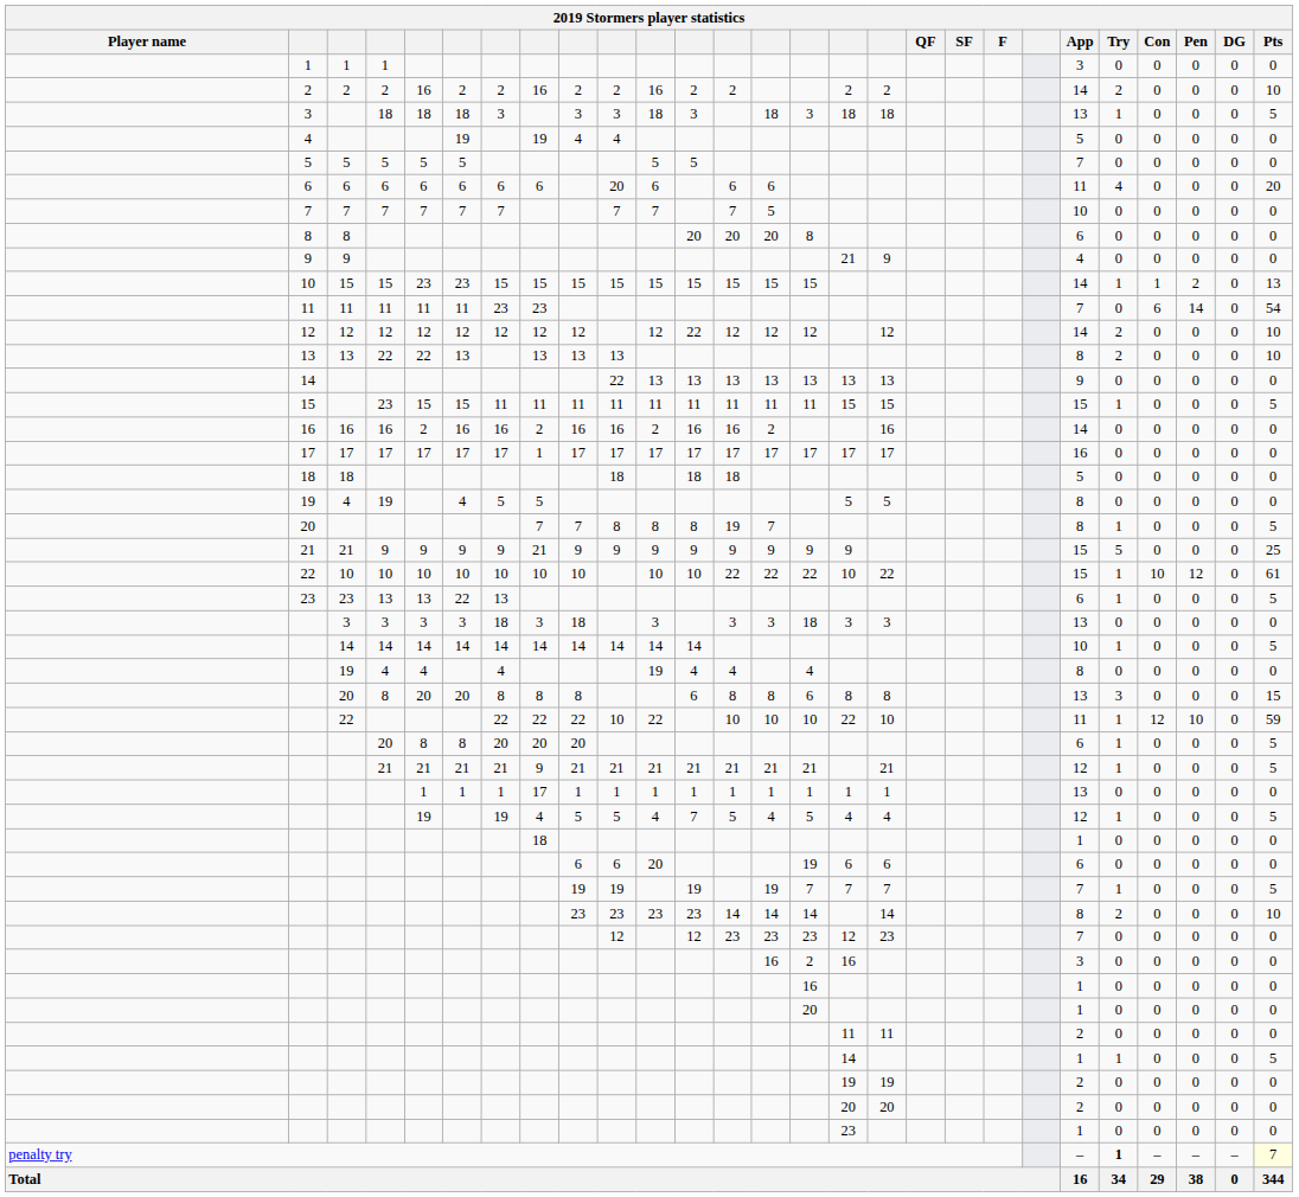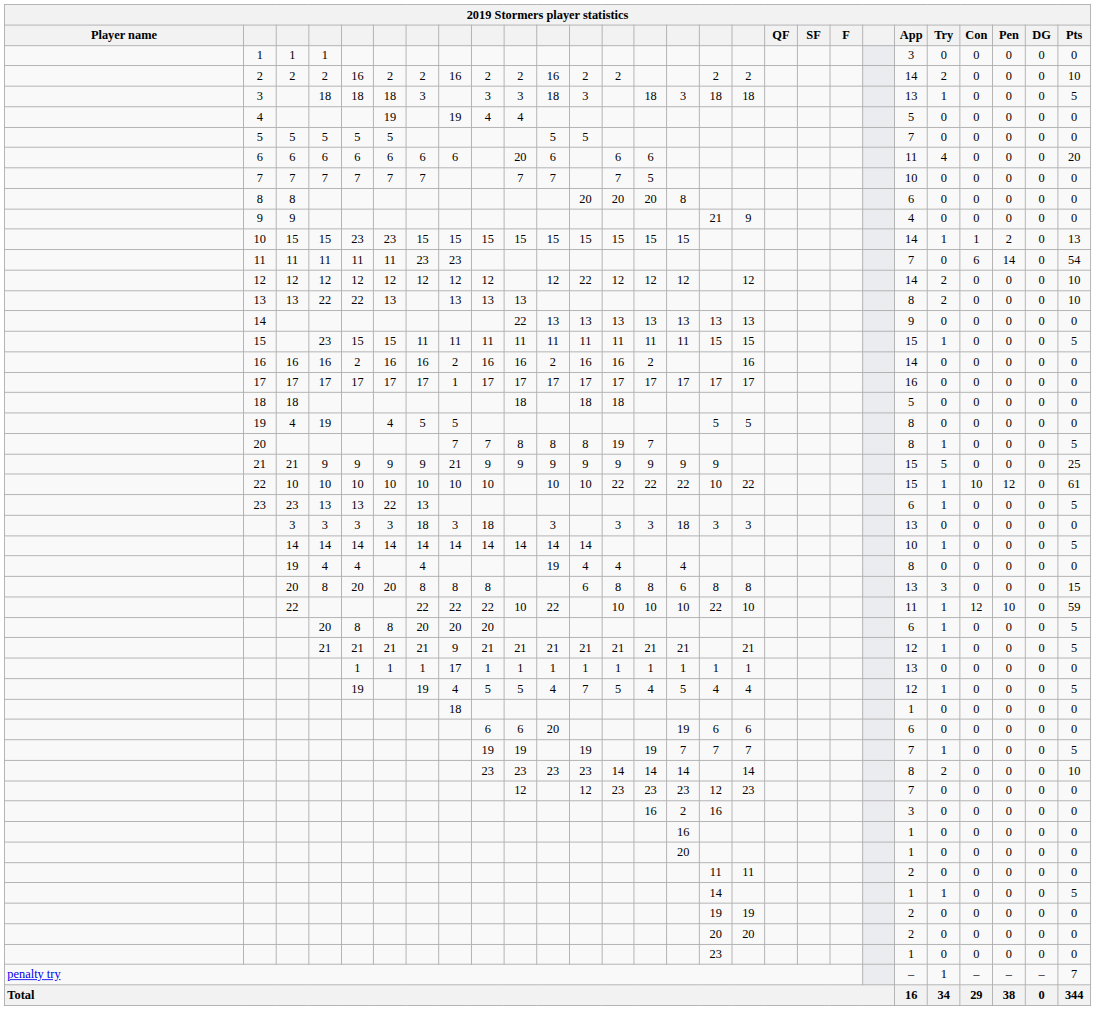 <table class="wikitable sortable" style="text-align:center; font-size:90%; width:100%">
 <tr>
 <th colspan="100%">2019 Stormers player statistics</th>
 </tr>
 <tr>
 <th style="width:22%;">Player name</th>
 <th style="width:3%;"></th>
 <th style="width:3%;"></th>
 <th style="width:3%;"></th>
 <th style="width:3%;"></th>
 <th style="width:3%;"></th>
 <th style="width:3%;"></th>
 <th style="width:3%;"></th>
 <th style="width:3%;"></th>
 <th style="width:3%;"></th>
 <th style="width:3%;"></th>
 <th style="width:3%;"></th>
 <th style="width:3%;"></th>
 <th style="width:3%;"></th>
 <th style="width:3%;"></th>
 <th style="width:3%;"></th>
 <th style="width:3%;"></th>
 <th style="width:3%;">QF</th>
 <th style="width:3%;">SF</th>
 <th style="width:3%;">F</th>
 <th style="width:3%;"></th>
 <th style="width:3%;">App</th>
 <th style="width:3%;">Try</th>
 <th style="width:3%;">Con</th>
 <th style="width:3%;">Pen</th>
 <th style="width:3%;">DG</th>
 <th style="width:3%;">Pts</th>
 </tr>
 <tr>
 <td style="text-align:left;"></td>
 <td>1</td>
 <td>1</td>
 <td>1</td>
 <td></td>
 <td></td>
 <td></td>
 <td></td>
 <td></td>
 <td></td>
 <td></td>
 <td></td>
 <td></td>
 <td></td>
 <td></td>
 <td></td>
 <td></td>
 <td></td>
 <td></td>
 <td></td>
 <td style="background:#EBECF0;"></td>
 <td>3</td>
 <td>0</td>
 <td>0</td>
 <td>0</td>
 <td>0</td>
 <td>0</td>
 </tr>
 <tr>
 <td style="text-align:left;"></td>
 <td>2</td>
 <td>2</td>
 <td>2</td>
 <td>16 </td>
 <td>2</td>
 <td>2</td>
 <td>16 </td>
 <td>2</td>
 <td>2</td>
 <td>16 </td>
 <td>2</td>
 <td>2</td>
 <td></td>
 <td></td>
 <td>2</td>
 <td>2</td>
 <td></td>
 <td></td>
 <td></td>
 <td style="background:#EBECF0;"></td>
 <td>14</td>
 <td>2</td>
 <td>0</td>
 <td>0</td>
 <td>0</td>
 <td>10</td>
 </tr>
 <tr>
 <td style="text-align:left;"></td>
 <td>3</td>
 <td></td>
 <td>18 </td>
 <td>18 </td>
 <td>18 </td>
 <td>3</td>
 <td></td>
 <td>3</td>
 <td>3</td>
 <td>18 </td>
 <td>3</td>
 <td></td>
 <td>18 </td>
 <td>3</td>
 <td>18 </td>
 <td>18 </td>
 <td></td>
 <td></td>
 <td></td>
 <td style="background:#EBECF0;"></td>
 <td>13</td>
 <td>1</td>
 <td>0</td>
 <td>0</td>
 <td>0</td>
 <td>5</td>
 </tr>
 <tr>
 <td style="text-align:left;"></td>
 <td>4</td>
 <td></td>
 <td></td>
 <td></td>
 <td>19 </td>
 <td></td>
 <td>19 </td>
 <td>4</td>
 <td>4</td>
 <td></td>
 <td></td>
 <td></td>
 <td></td>
 <td></td>
 <td></td>
 <td></td>
 <td></td>
 <td></td>
 <td></td>
 <td style="background:#EBECF0;"></td>
 <td>5</td>
 <td>0</td>
 <td>0</td>
 <td>0</td>
 <td>0</td>
 <td>0</td>
 </tr>
 <tr>
 <td style="text-align:left;"></td>
 <td>5</td>
 <td>5</td>
 <td>5</td>
 <td>5</td>
 <td>5</td>
 <td></td>
 <td></td>
 <td></td>
 <td></td>
 <td>5</td>
 <td>5</td>
 <td></td>
 <td></td>
 <td></td>
 <td></td>
 <td></td>
 <td></td>
 <td></td>
 <td></td>
 <td style="background:#EBECF0;"></td>
 <td>7</td>
 <td>0</td>
 <td>0</td>
 <td>0</td>
 <td>0</td>
 <td>0</td>
 </tr>
 <tr>
 <td style="text-align:left;"></td>
 <td>6</td>
 <td>6</td>
 <td>6</td>
 <td>6</td>
 <td>6</td>
 <td>6</td>
 <td>6</td>
 <td></td>
 <td>20 </td>
 <td>6</td>
 <td></td>
 <td>6</td>
 <td>6</td>
 <td></td>
 <td></td>
 <td></td>
 <td></td>
 <td></td>
 <td></td>
 <td style="background:#EBECF0;"></td>
 <td>11</td>
 <td>4</td>
 <td>0</td>
 <td>0</td>
 <td>0</td>
 <td>20</td>
 </tr>
 <tr>
 <td style="text-align:left;"></td>
 <td>7</td>
 <td>7</td>
 <td>7</td>
 <td>7</td>
 <td>7</td>
 <td>7</td>
 <td></td>
 <td></td>
 <td>7</td>
 <td>7</td>
 <td></td>
 <td>7</td>
 <td>5</td>
 <td></td>
 <td></td>
 <td></td>
 <td></td>
 <td></td>
 <td></td>
 <td style="background:#EBECF0;"></td>
 <td>10</td>
 <td>0</td>
 <td>0</td>
 <td>0</td>
 <td>0</td>
 <td>0</td>
 </tr>
 <tr>
 <td style="text-align:left;"></td>
 <td>8</td>
 <td>8</td>
 <td></td>
 <td></td>
 <td></td>
 <td></td>
 <td></td>
 <td></td>
 <td></td>
 <td></td>
 <td>20 </td>
 <td>20 </td>
 <td>20 </td>
 <td>8</td>
 <td></td>
 <td></td>
 <td></td>
 <td></td>
 <td></td>
 <td style="background:#EBECF0;"></td>
 <td>6</td>
 <td>0</td>
 <td>0</td>
 <td>0</td>
 <td>0</td>
 <td>0</td>
 </tr>
 <tr>
 <td style="text-align:left;"></td>
 <td>9</td>
 <td>9</td>
 <td></td>
 <td></td>
 <td></td>
 <td></td>
 <td></td>
 <td></td>
 <td></td>
 <td></td>
 <td></td>
 <td></td>
 <td></td>
 <td></td>
 <td>21 </td>
 <td>9</td>
 <td></td>
 <td></td>
 <td></td>
 <td style="background:#EBECF0;"></td>
 <td>4</td>
 <td>0</td>
 <td>0</td>
 <td>0</td>
 <td>0</td>
 <td>0</td>
 </tr>
 <tr>
 <td style="text-align:left;"></td>
 <td>10</td>
 <td>15</td>
 <td>15</td>
 <td>23 </td>
 <td>23 </td>
 <td>15</td>
 <td>15</td>
 <td>15</td>
 <td>15</td>
 <td>15</td>
 <td>15</td>
 <td>15</td>
 <td>15</td>
 <td>15</td>
 <td></td>
 <td></td>
 <td></td>
 <td></td>
 <td></td>
 <td style="background:#EBECF0;"></td>
 <td>14</td>
 <td>1</td>
 <td>1</td>
 <td>2</td>
 <td>0</td>
 <td>13</td>
 </tr>
 <tr>
 <td style="text-align:left;"></td>
 <td>11</td>
 <td>11</td>
 <td>11</td>
 <td>11</td>
 <td>11</td>
 <td>23 </td>
 <td>23 </td>
 <td></td>
 <td></td>
 <td></td>
 <td></td>
 <td></td>
 <td></td>
 <td></td>
 <td></td>
 <td></td>
 <td></td>
 <td></td>
 <td></td>
 <td style="background:#EBECF0;"></td>
 <td>7</td>
 <td>0</td>
 <td>6</td>
 <td>14</td>
 <td>0</td>
 <td>54</td>
 </tr>
 <tr>
 <td style="text-align:left;"></td>
 <td>12</td>
 <td>12</td>
 <td>12</td>
 <td>12</td>
 <td>12</td>
 <td>12</td>
 <td>12</td>
 <td>12</td>
 <td></td>
 <td>12</td>
 <td>22 </td>
 <td>12</td>
 <td>12</td>
 <td>12</td>
 <td></td>
 <td>12</td>
 <td></td>
 <td></td>
 <td></td>
 <td style="background:#EBECF0;"></td>
 <td>14</td>
 <td>2</td>
 <td>0</td>
 <td>0</td>
 <td>0</td>
 <td>10</td>
 </tr>
 <tr>
 <td style="text-align:left;"></td>
 <td>13</td>
 <td>13</td>
 <td>22 </td>
 <td>22 </td>
 <td>13</td>
 <td></td>
 <td>13</td>
 <td>13</td>
 <td>13</td>
 <td></td>
 <td></td>
 <td></td>
 <td></td>
 <td></td>
 <td></td>
 <td></td>
 <td></td>
 <td></td>
 <td></td>
 <td style="background:#EBECF0;"></td>
 <td>8</td>
 <td>2</td>
 <td>0</td>
 <td>0</td>
 <td>0</td>
 <td>10</td>
 </tr>
 <tr>
 <td style="text-align:left;"></td>
 <td>14</td>
 <td></td>
 <td></td>
 <td></td>
 <td></td>
 <td></td>
 <td></td>
 <td></td>
 <td>22 </td>
 <td>13</td>
 <td>13</td>
 <td>13</td>
 <td>13</td>
 <td>13</td>
 <td>13</td>
 <td>13</td>
 <td></td>
 <td></td>
 <td></td>
 <td style="background:#EBECF0;"></td>
 <td>9</td>
 <td>0</td>
 <td>0</td>
 <td>0</td>
 <td>0</td>
 <td>0</td>
 </tr>
 <tr>
 <td style="text-align:left;"></td>
 <td>15</td>
 <td></td>
 <td>23 </td>
 <td>15</td>
 <td>15</td>
 <td>11</td>
 <td>11</td>
 <td>11</td>
 <td>11</td>
 <td>11</td>
 <td>11</td>
 <td>11</td>
 <td>11</td>
 <td>11</td>
 <td>15</td>
 <td>15</td>
 <td></td>
 <td></td>
 <td></td>
 <td style="background:#EBECF0;"></td>
 <td>15</td>
 <td>1</td>
 <td>0</td>
 <td>0</td>
 <td>0</td>
 <td>5</td>
 </tr>
 <tr>
 <td style="text-align:left;"></td>
 <td>16 </td>
 <td>16 </td>
 <td>16 </td>
 <td>2</td>
 <td>16 </td>
 <td>16 </td>
 <td>2</td>
 <td>16 </td>
 <td>16 </td>
 <td>2</td>
 <td>16 </td>
 <td>16 </td>
 <td>2</td>
 <td></td>
 <td></td>
 <td>16 </td>
 <td></td>
 <td></td>
 <td></td>
 <td style="background:#EBECF0;"></td>
 <td>14</td>
 <td>0</td>
 <td>0</td>
 <td>0</td>
 <td>0</td>
 <td>0</td>
 </tr>
 <tr>
 <td style="text-align:left;"></td>
 <td>17 </td>
 <td>17 </td>
 <td>17 </td>
 <td>17 </td>
 <td>17 </td>
 <td>17 </td>
 <td>1</td>
 <td>17 </td>
 <td>17 </td>
 <td>17 </td>
 <td>17 </td>
 <td>17 </td>
 <td>17 </td>
 <td>17 </td>
 <td>17 </td>
 <td>17 </td>
 <td></td>
 <td></td>
 <td></td>
 <td style="background:#EBECF0;"></td>
 <td>16</td>
 <td>0</td>
 <td>0</td>
 <td>0</td>
 <td>0</td>
 <td>0</td>
 </tr>
 <tr>
 <td style="text-align:left;"></td>
 <td>18 </td>
 <td>18 </td>
 <td></td>
 <td></td>
 <td></td>
 <td></td>
 <td></td>
 <td></td>
 <td>18 </td>
 <td></td>
 <td>18 </td>
 <td>18 </td>
 <td></td>
 <td></td>
 <td></td>
 <td></td>
 <td></td>
 <td></td>
 <td></td>
 <td style="background:#EBECF0;"></td>
 <td>5</td>
 <td>0</td>
 <td>0</td>
 <td>0</td>
 <td>0</td>
 <td>0</td>
 </tr>
 <tr>
 <td style="text-align:left;"></td>
 <td>19 </td>
 <td>4</td>
 <td>19 </td>
 <td></td>
 <td>4</td>
 <td>5</td>
 <td>5</td>
 <td></td>
 <td></td>
 <td></td>
 <td></td>
 <td></td>
 <td></td>
 <td></td>
 <td>5</td>
 <td>5</td>
 <td></td>
 <td></td>
 <td></td>
 <td style="background:#EBECF0;"></td>
 <td>8</td>
 <td>0</td>
 <td>0</td>
 <td>0</td>
 <td>0</td>
 <td>0</td>
 </tr>
 <tr>
 <td style="text-align:left;"></td>
 <td>20 </td>
 <td></td>
 <td></td>
 <td></td>
 <td></td>
 <td></td>
 <td>7</td>
 <td>7</td>
 <td>8</td>
 <td>8</td>
 <td>8</td>
 <td>19 </td>
 <td>7</td>
 <td></td>
 <td></td>
 <td></td>
 <td></td>
 <td></td>
 <td></td>
 <td style="background:#EBECF0;"></td>
 <td>8</td>
 <td>1</td>
 <td>0</td>
 <td>0</td>
 <td>0</td>
 <td>5</td>
 </tr>
 <tr>
 <td style="text-align:left;"></td>
 <td>21 </td>
 <td>21 </td>
 <td>9</td>
 <td>9</td>
 <td>9</td>
 <td>9</td>
 <td>21 </td>
 <td>9</td>
 <td>9</td>
 <td>9</td>
 <td>9</td>
 <td>9</td>
 <td>9</td>
 <td>9</td>
 <td>9</td>
 <td></td>
 <td></td>
 <td></td>
 <td></td>
 <td style="background:#EBECF0;"></td>
 <td>15</td>
 <td>5</td>
 <td>0</td>
 <td>0</td>
 <td>0</td>
 <td>25</td>
 </tr>
 <tr>
 <td style="text-align:left;"></td>
 <td>22 </td>
 <td>10</td>
 <td>10</td>
 <td>10</td>
 <td>10</td>
 <td>10</td>
 <td>10</td>
 <td>10</td>
 <td></td>
 <td>10</td>
 <td>10</td>
 <td>22 </td>
 <td>22 </td>
 <td>22 </td>
 <td>10</td>
 <td>22 </td>
 <td></td>
 <td></td>
 <td></td>
 <td style="background:#EBECF0;"></td>
 <td>15</td>
 <td>1</td>
 <td>10</td>
 <td>12</td>
 <td>0</td>
 <td>61</td>
 </tr>
 <tr>
 <td style="text-align:left;"></td>
 <td>23 </td>
 <td>23 </td>
 <td>13</td>
 <td>13</td>
 <td>22 </td>
 <td>13</td>
 <td></td>
 <td></td>
 <td></td>
 <td></td>
 <td></td>
 <td></td>
 <td></td>
 <td></td>
 <td></td>
 <td></td>
 <td></td>
 <td></td>
 <td></td>
 <td style="background:#EBECF0;"></td>
 <td>6</td>
 <td>1</td>
 <td>0</td>
 <td>0</td>
 <td>0</td>
 <td>5</td>
 </tr>
 <tr>
 <td style="text-align:left;"></td>
 <td></td>
 <td>3</td>
 <td>3</td>
 <td>3</td>
 <td>3</td>
 <td>18 </td>
 <td>3</td>
 <td>18 </td>
 <td></td>
 <td>3</td>
 <td></td>
 <td>3</td>
 <td>3</td>
 <td>18 </td>
 <td>3</td>
 <td>3</td>
 <td></td>
 <td></td>
 <td></td>
 <td style="background:#EBECF0;"></td>
 <td>13</td>
 <td>0</td>
 <td>0</td>
 <td>0</td>
 <td>0</td>
 <td>0</td>
 </tr>
 <tr>
 <td style="text-align:left;"></td>
 <td></td>
 <td>14</td>
 <td>14</td>
 <td>14</td>
 <td>14</td>
 <td>14</td>
 <td>14</td>
 <td>14</td>
 <td>14</td>
 <td>14</td>
 <td>14</td>
 <td></td>
 <td></td>
 <td></td>
 <td></td>
 <td></td>
 <td></td>
 <td></td>
 <td></td>
 <td style="background:#EBECF0;"></td>
 <td>10</td>
 <td>1</td>
 <td>0</td>
 <td>0</td>
 <td>0</td>
 <td>5</td>
 </tr>
 <tr>
 <td style="text-align:left;"></td>
 <td></td>
 <td>19 </td>
 <td>4</td>
 <td>4</td>
 <td></td>
 <td>4</td>
 <td></td>
 <td></td>
 <td></td>
 <td>19 </td>
 <td>4</td>
 <td>4</td>
 <td></td>
 <td>4</td>
 <td></td>
 <td></td>
 <td></td>
 <td></td>
 <td></td>
 <td style="background:#EBECF0;"></td>
 <td>8</td>
 <td>0</td>
 <td>0</td>
 <td>0</td>
 <td>0</td>
 <td>0</td>
 </tr>
 <tr>
 <td style="text-align:left;"></td>
 <td></td>
 <td>20 </td>
 <td>8</td>
 <td>20 </td>
 <td>20 </td>
 <td>8</td>
 <td>8</td>
 <td>8</td>
 <td></td>
 <td></td>
 <td>6</td>
 <td>8</td>
 <td>8</td>
 <td>6</td>
 <td>8</td>
 <td>8</td>
 <td></td>
 <td></td>
 <td></td>
 <td style="background:#EBECF0;"></td>
 <td>13</td>
 <td>3</td>
 <td>0</td>
 <td>0</td>
 <td>0</td>
 <td>15</td>
 </tr>
 <tr>
 <td style="text-align:left;"></td>
 <td></td>
 <td>22 </td>
 <td></td>
 <td></td>
 <td></td>
 <td>22 </td>
 <td>22 </td>
 <td>22 </td>
 <td>10</td>
 <td>22 </td>
 <td></td>
 <td>10</td>
 <td>10</td>
 <td>10</td>
 <td>22 </td>
 <td>10</td>
 <td></td>
 <td></td>
 <td></td>
 <td style="background:#EBECF0;"></td>
 <td>11</td>
 <td>1</td>
 <td>12</td>
 <td>10</td>
 <td>0</td>
 <td>59</td>
 </tr>
 <tr>
 <td style="text-align:left;"></td>
 <td></td>
 <td></td>
 <td>20 </td>
 <td>8</td>
 <td>8</td>
 <td>20 </td>
 <td>20 </td>
 <td>20 </td>
 <td></td>
 <td></td>
 <td></td>
 <td></td>
 <td></td>
 <td></td>
 <td></td>
 <td></td>
 <td></td>
 <td></td>
 <td></td>
 <td style="background:#EBECF0;"></td>
 <td>6</td>
 <td>1</td>
 <td>0</td>
 <td>0</td>
 <td>0</td>
 <td>5</td>
 </tr>
 <tr>
 <td style="text-align:left;"></td>
 <td></td>
 <td></td>
 <td>21 </td>
 <td>21 </td>
 <td>21</td>
 <td>21 </td>
 <td>9</td>
 <td>21 </td>
 <td>21 </td>
 <td>21 </td>
 <td>21 </td>
 <td>21 </td>
 <td>21 </td>
 <td>21 </td>
 <td></td>
 <td>21 </td>
 <td></td>
 <td></td>
 <td></td>
 <td style="background:#EBECF0;"></td>
 <td>12</td>
 <td>1</td>
 <td>0</td>
 <td>0</td>
 <td>0</td>
 <td>5</td>
 </tr>
 <tr>
 <td style="text-align:left;"></td>
 <td></td>
 <td></td>
 <td></td>
 <td>1</td>
 <td>1</td>
 <td>1</td>
 <td>17 </td>
 <td>1</td>
 <td>1</td>
 <td>1</td>
 <td>1</td>
 <td>1</td>
 <td>1</td>
 <td>1</td>
 <td>1</td>
 <td>1</td>
 <td></td>
 <td></td>
 <td></td>
 <td style="background:#EBECF0;"></td>
 <td>13</td>
 <td>0</td>
 <td>0</td>
 <td>0</td>
 <td>0</td>
 <td>0</td>
 </tr>
 <tr>
 <td style="text-align:left;"></td>
 <td></td>
 <td></td>
 <td></td>
 <td>19 </td>
 <td></td>
 <td>19 </td>
 <td>4</td>
 <td>5</td>
 <td>5</td>
 <td>4</td>
 <td>7</td>
 <td>5</td>
 <td>4</td>
 <td>5</td>
 <td>4</td>
 <td>4</td>
 <td></td>
 <td></td>
 <td></td>
 <td style="background:#EBECF0;"></td>
 <td>12</td>
 <td>1</td>
 <td>0</td>
 <td>0</td>
 <td>0</td>
 <td>5</td>
 </tr>
 <tr>
 <td style="text-align:left;"></td>
 <td></td>
 <td></td>
 <td></td>
 <td></td>
 <td></td>
 <td></td>
 <td>18 </td>
 <td></td>
 <td></td>
 <td></td>
 <td></td>
 <td></td>
 <td></td>
 <td></td>
 <td></td>
 <td></td>
 <td></td>
 <td></td>
 <td></td>
 <td style="background:#EBECF0;"></td>
 <td>1</td>
 <td>0</td>
 <td>0</td>
 <td>0</td>
 <td>0</td>
 <td>0</td>
 </tr>
 <tr>
 <td style="text-align:left;"></td>
 <td></td>
 <td></td>
 <td></td>
 <td></td>
 <td></td>
 <td></td>
 <td></td>
 <td>6</td>
 <td>6</td>
 <td>20 </td>
 <td></td>
 <td></td>
 <td></td>
 <td>19 </td>
 <td>6</td>
 <td>6</td>
 <td></td>
 <td></td>
 <td></td>
 <td style="background:#EBECF0;"></td>
 <td>6</td>
 <td>0</td>
 <td>0</td>
 <td>0</td>
 <td>0</td>
 <td>0</td>
 </tr>
 <tr>
 <td style="text-align:left;"></td>
 <td></td>
 <td></td>
 <td></td>
 <td></td>
 <td></td>
 <td></td>
 <td></td>
 <td>19 </td>
 <td>19 </td>
 <td></td>
 <td>19 </td>
 <td></td>
 <td>19 </td>
 <td>7</td>
 <td>7</td>
 <td>7</td>
 <td></td>
 <td></td>
 <td></td>
 <td style="background:#EBECF0;"></td>
 <td>7</td>
 <td>1</td>
 <td>0</td>
 <td>0</td>
 <td>0</td>
 <td>5</td>
 </tr>
 <tr>
 <td style="text-align:left;"></td>
 <td></td>
 <td></td>
 <td></td>
 <td></td>
 <td></td>
 <td></td>
 <td></td>
 <td>23 </td>
 <td>23 </td>
 <td>23 </td>
 <td>23 </td>
 <td>14</td>
 <td>14</td>
 <td>14</td>
 <td></td>
 <td>14</td>
 <td></td>
 <td></td>
 <td></td>
 <td style="background:#EBECF0;"></td>
 <td>8</td>
 <td>2</td>
 <td>0</td>
 <td>0</td>
 <td>0</td>
 <td>10</td>
 </tr>
 <tr>
 <td style="text-align:left;"></td>
 <td></td>
 <td></td>
 <td></td>
 <td></td>
 <td></td>
 <td></td>
 <td></td>
 <td></td>
 <td>12</td>
 <td></td>
 <td>12</td>
 <td>23 </td>
 <td>23 </td>
 <td>23 </td>
 <td>12</td>
 <td>23 </td>
 <td></td>
 <td></td>
 <td></td>
 <td style="background:#EBECF0;"></td>
 <td>7</td>
 <td>0</td>
 <td>0</td>
 <td>0</td>
 <td>0</td>
 <td>0</td>
 </tr>
 <tr>
 <td style="text-align:left;"></td>
 <td></td>
 <td></td>
 <td></td>
 <td></td>
 <td></td>
 <td></td>
 <td></td>
 <td></td>
 <td></td>
 <td></td>
 <td></td>
 <td></td>
 <td>16 </td>
 <td>2</td>
 <td>16 </td>
 <td></td>
 <td></td>
 <td></td>
 <td></td>
 <td style="background:#EBECF0;"></td>
 <td>3</td>
 <td>0</td>
 <td>0</td>
 <td>0</td>
 <td>0</td>
 <td>0</td>
 </tr>
 <tr>
 <td style="text-align:left;"></td>
 <td></td>
 <td></td>
 <td></td>
 <td></td>
 <td></td>
 <td></td>
 <td></td>
 <td></td>
 <td></td>
 <td></td>
 <td></td>
 <td></td>
 <td></td>
 <td>16 </td>
 <td></td>
 <td></td>
 <td></td>
 <td></td>
 <td></td>
 <td style="background:#EBECF0;"></td>
 <td>1</td>
 <td>0</td>
 <td>0</td>
 <td>0</td>
 <td>0</td>
 <td>0</td>
 </tr>
 <tr>
 <td style="text-align:left;"></td>
 <td></td>
 <td></td>
 <td></td>
 <td></td>
 <td></td>
 <td></td>
 <td></td>
 <td></td>
 <td></td>
 <td></td>
 <td></td>
 <td></td>
 <td></td>
 <td>20 </td>
 <td></td>
 <td></td>
 <td></td>
 <td></td>
 <td></td>
 <td style="background:#EBECF0;"></td>
 <td>1</td>
 <td>0</td>
 <td>0</td>
 <td>0</td>
 <td>0</td>
 <td>0</td>
 </tr>
 <tr>
 <td style="text-align:left;"></td>
 <td></td>
 <td></td>
 <td></td>
 <td></td>
 <td></td>
 <td></td>
 <td></td>
 <td></td>
 <td></td>
 <td></td>
 <td></td>
 <td></td>
 <td></td>
 <td></td>
 <td>11</td>
 <td>11</td>
 <td></td>
 <td></td>
 <td></td>
 <td style="background:#EBECF0;"></td>
 <td>2</td>
 <td>0</td>
 <td>0</td>
 <td>0</td>
 <td>0</td>
 <td>0</td>
 </tr>
 <tr>
 <td style="text-align:left;"></td>
 <td></td>
 <td></td>
 <td></td>
 <td></td>
 <td></td>
 <td></td>
 <td></td>
 <td></td>
 <td></td>
 <td></td>
 <td></td>
 <td></td>
 <td></td>
 <td></td>
 <td>14</td>
 <td></td>
 <td></td>
 <td></td>
 <td></td>
 <td style="background:#EBECF0;"></td>
 <td>1</td>
 <td>1</td>
 <td>0</td>
 <td>0</td>
 <td>0</td>
 <td>5</td>
 </tr>
 <tr>
 <td style="text-align:left;"></td>
 <td></td>
 <td></td>
 <td></td>
 <td></td>
 <td></td>
 <td></td>
 <td></td>
 <td></td>
 <td></td>
 <td></td>
 <td></td>
 <td></td>
 <td></td>
 <td></td>
 <td>19 </td>
 <td>19 </td>
 <td></td>
 <td></td>
 <td></td>
 <td style="background:#EBECF0;"></td>
 <td>2</td>
 <td>0</td>
 <td>0</td>
 <td>0</td>
 <td>0</td>
 <td>0</td>
 </tr>
 <tr>
 <td style="text-align:left;"></td>
 <td></td>
 <td></td>
 <td></td>
 <td></td>
 <td></td>
 <td></td>
 <td></td>
 <td></td>
 <td></td>
 <td></td>
 <td></td>
 <td></td>
 <td></td>
 <td></td>
 <td>20 </td>
 <td>20 </td>
 <td></td>
 <td></td>
 <td></td>
 <td style="background:#EBECF0;"></td>
 <td>2</td>
 <td>0</td>
 <td>0</td>
 <td>0</td>
 <td>0</td>
 <td>0</td>
 </tr>
 <tr>
 <td style="text-align:left;"></td>
 <td></td>
 <td></td>
 <td></td>
 <td></td>
 <td></td>
 <td></td>
 <td></td>
 <td></td>
 <td></td>
 <td></td>
 <td></td>
 <td></td>
 <td></td>
 <td></td>
 <td>23 </td>
 <td></td>
 <td></td>
 <td></td>
 <td></td>
 <td style="background:#EBECF0;"></td>
 <td>1</td>
 <td>0</td>
 <td>0</td>
 <td>0</td>
 <td>0</td>
 <td>0</td>
 </tr>
 <tr>
 <td colspan="20" style="text-align:left;"><a href='#'>penalty try</a></td>
 <td style="background:#EBECF0;"></td>
 <td>–</td>
-<td><strong>1</strong></td>
+<td>1</td>
 <td>–</td>
 <td>–</td>
 <td>–</td>
-<td style="background: lightyellow;">7</td>
+<td>7</td>
 </tr>
 <tr>
 <th colspan="21" style="text-align:left;">Total</th>
 <th>16</th>
 <th>34</th>
 <th>29</th>
 <th>38</th>
 <th>0</th>
 <th>344</th>
 </tr>
 </table>
